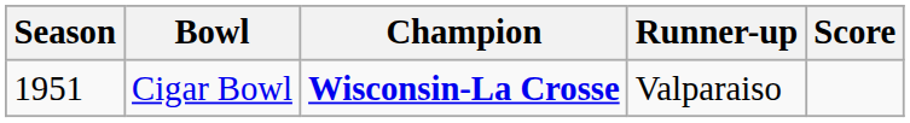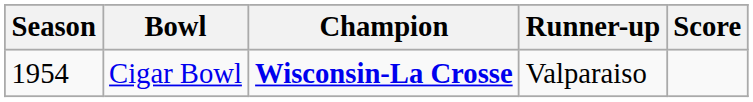 <table class=wikitable>
 <tr>
 <th width=px>Season</th>
 <th width=px>Bowl</th>
 <th width=px>Champion</th>
 <th width=px>Runner-up</th>
 <th width=px>Score</th>
 </tr>
 <tr>
-<td>1951</td>
+<td>1954</td>
 <td><a href='#'>Cigar Bowl</a></td>
 <td><strong><a href='#'>Wisconsin-La Crosse</a></strong></td>
 <td>Valparaiso</td>
 <td></td>
 </tr>
 </table>
